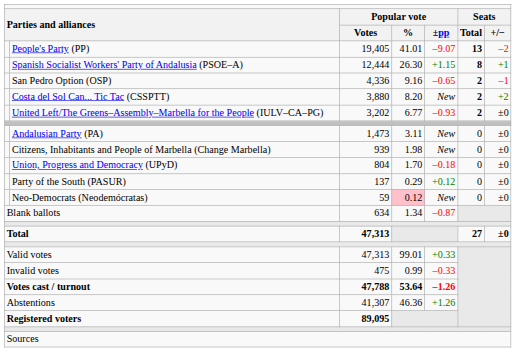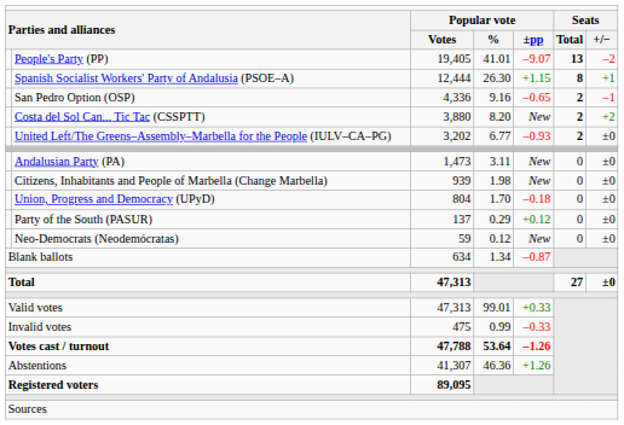 <table class="wikitable" style="text-align:right;">
 <tr>
 <td colspan="7"></td>
 </tr>
 <tr>
 <th style="text-align:left;" rowspan="2" colspan="2" width="525">Parties and alliances</th>
 <th colspan="3">Popular vote</th>
 <th colspan="2">Seats</th>
 </tr>
 <tr>
 <th width="75">Votes</th>
 <th width="45">%</th>
 <th width="45">±<a href='#'>pp</a></th>
 <th width="35">Total</th>
 <th width="35">+/−</th>
 </tr>
 <tr>
 <td width="1" style="color:inherit;background:"></td>
 <td align="left"><a href='#'>People's Party</a> (PP)</td>
 <td>19,405</td>
 <td>41.01</td>
 <td style="color:red;">–9.07</td>
 <td><strong>13</strong></td>
 <td style="color:red;">–2</td>
 </tr>
 <tr>
 <td style="color:inherit;background:"></td>
 <td align="left"><a href='#'>Spanish Socialist Workers' Party of Andalusia</a> (PSOE–A)</td>
 <td>12,444</td>
 <td>26.30</td>
 <td style="color:green;">+1.15</td>
 <td><strong>8</strong></td>
 <td style="color:green;">+1</td>
 </tr>
 <tr>
 <td style="color:inherit;background:"></td>
 <td align="left">San Pedro Option (OSP)</td>
 <td>4,336</td>
 <td>9.16</td>
 <td style="color:red;">–0.65</td>
 <td><strong>2</strong></td>
 <td style="color:red;">–1</td>
 </tr>
 <tr>
 <td style="color:inherit;background:"></td>
 <td align="left"><a href='#'>Costa del Sol Can... Tic Tac</a> (CSSPTT)</td>
 <td>3,880</td>
 <td>8.20</td>
 <td><em>New</em></td>
 <td><strong>2</strong></td>
 <td style="color:green;">+2</td>
 </tr>
 <tr>
 <td style="color:inherit;background:"></td>
 <td align="left"><a href='#'>United Left/The Greens–Assembly–Marbella for the People</a> (IULV–CA–PG)</td>
 <td>3,202</td>
 <td>6.77</td>
 <td style="color:red;">–0.93</td>
 <td><strong>2</strong></td>
 <td>±0</td>
 </tr>
 <tr>
 <td colspan="7" bgcolor="#C0C0C0"></td>
 </tr>
 <tr>
 <td style="color:inherit;background:"></td>
 <td align="left"><a href='#'>Andalusian Party</a> (PA)</td>
 <td>1,473</td>
 <td>3.11</td>
 <td><em>New</em></td>
 <td>0</td>
 <td>±0</td>
 </tr>
 <tr>
 <td style="color:inherit;background:"></td>
 <td align="left">Citizens, Inhabitants and People of Marbella (Change Marbella)</td>
 <td>939</td>
 <td>1.98</td>
 <td><em>New</em></td>
 <td>0</td>
 <td>±0</td>
 </tr>
 <tr>
 <td style="color:inherit;background:"></td>
 <td align="left"><a href='#'>Union, Progress and Democracy</a> (UPyD)</td>
 <td>804</td>
 <td>1.70</td>
 <td style="color:red;">–0.18</td>
 <td>0</td>
 <td>±0</td>
 </tr>
 <tr>
 <td style="color:inherit;background:"></td>
 <td align="left">Party of the South (PASUR)</td>
 <td>137</td>
 <td>0.29</td>
 <td style="color:green;">+0.12</td>
 <td>0</td>
 <td>±0</td>
 </tr>
 <tr>
 <td style="color:inherit;background:"></td>
 <td align="left">Neo-Democrats (Neodemócratas)</td>
 <td>59</td>
-<td style="background: pink;">0.12</td>
+<td>0.12</td>
 <td><em>New</em></td>
 <td>0</td>
 <td>±0</td>
 </tr>
 <tr>
 <td align="left" colspan="2">Blank ballots</td>
 <td>634</td>
 <td>1.34</td>
 <td style="color:red;">–0.87</td>
 <td bgcolor="#E9E9E9" colspan="2"></td>
 </tr>
 <tr>
 <td colspan="7" bgcolor="#E9E9E9"></td>
 </tr>
 <tr style="font-weight:bold;">
 <td align="left" colspan="2">Total</td>
 <td>47,313</td>
 <td bgcolor="#E9E9E9" colspan="2"></td>
 <td>27</td>
 <td>±0</td>
 </tr>
 <tr>
 <td colspan="7" bgcolor="#E9E9E9"></td>
 </tr>
 <tr>
 <td align="left" colspan="2">Valid votes</td>
 <td>47,313</td>
 <td>99.01</td>
 <td style="color:green;">+0.33</td>
 <td bgcolor="#E9E9E9" colspan="2" rowspan="5"></td>
 </tr>
 <tr>
 <td align="left" colspan="2">Invalid votes</td>
 <td>475</td>
 <td>0.99</td>
 <td style="color:red;">–0.33</td>
 </tr>
 <tr style="font-weight:bold;">
 <td align="left" colspan="2">Votes cast / turnout</td>
 <td>47,788</td>
 <td>53.64</td>
 <td style="color:red;">–1.26</td>
 </tr>
 <tr>
 <td align="left" colspan="2">Abstentions</td>
 <td>41,307</td>
 <td>46.36</td>
 <td style="color:green;">+1.26</td>
 </tr>
 <tr style="font-weight:bold;">
 <td align="left" colspan="2">Registered voters</td>
 <td>89,095</td>
 <td bgcolor="#E9E9E9" colspan="2"></td>
 </tr>
 <tr>
 <td colspan="7" bgcolor="#E9E9E9"></td>
 </tr>
 <tr>
 <td align="left" colspan="7">Sources</td>
 </tr>
 </table>
